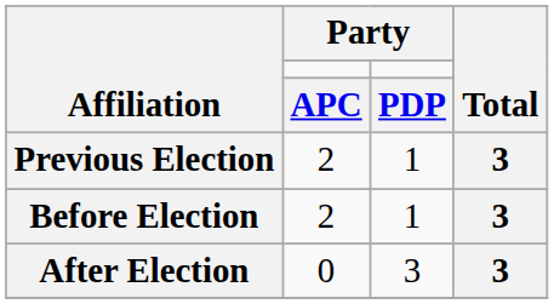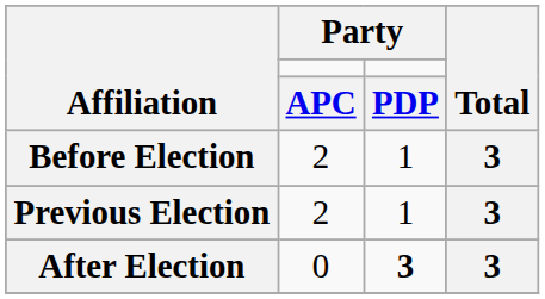 <table class=wikitable style="text-align:center">
 <tr style="vertical-align:bottom;">
 <th rowspan=3>Affiliation</th>
 <th colspan=2>Party</th>
 <th rowspan=3>Total</th>
 </tr>
 <tr>
 <td style="background-color:"></td>
 <td style="background-color:"></td>
 </tr>
 <tr>
 <th><a href='#'>APC</a></th>
 <th><a href='#'>PDP</a></th>
 </tr>
 <tr>
-<th>Previous Election</th>
+<th>Before Election</th>
 <td>2</td>
 <td>1</td>
 <th>3</th>
 </tr>
 <tr>
-<th>Before Election</th>
+<th>Previous Election</th>
 <td>2</td>
 <td>1</td>
 <th>3</th>
 </tr>
 <tr>
 <th>After Election</th>
 <td>0</td>
-<td>3</td>
+<td><strong>3</strong></td>
 <th>3</th>
 </tr>
 <tr>
 </tr>
 </table>
